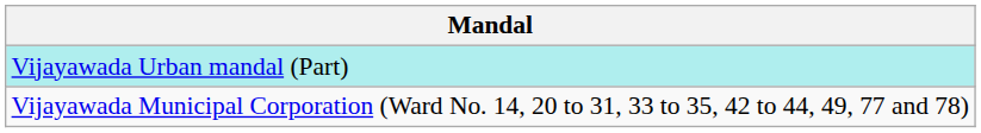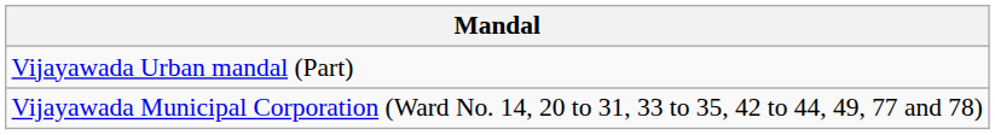 <table class="wikitable sortable static-row-numbers static-row-header-hash">
 <tr>
 <th>Mandal</th>
 </tr>
 <tr>
-<td style="background: paleturquoise;"><a href='#'>Vijayawada Urban mandal</a> (Part)</td>
+<td><a href='#'>Vijayawada Urban mandal</a> (Part)</td>
 </tr>
 <tr>
 <td><a href='#'>Vijayawada Municipal Corporation</a> (Ward No. 14, 20 to 31, 33 to 35, 42 to 44, 49, 77 and 78)</td>
 </tr>
 </table>
